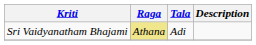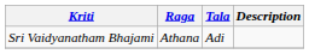 <table class="wikitable">
 <tr>
 <th><em><a href='#'>Kriti</a></em></th>
 <th><em><a href='#'>Raga</a></em></th>
 <th><em><a href='#'>Tala</a></em></th>
 <th><em>Description</em></th>
 </tr>
 <tr>
 <td><em>Sri Vaidyanatham Bhajami</em></td>
-<td style="background: khaki;"><em>Athana</em></td>
+<td><em>Athana</em></td>
 <td><em>Adi</em></td>
 <td></td>
 </tr>
 <tr>
 </tr>
 </table>
